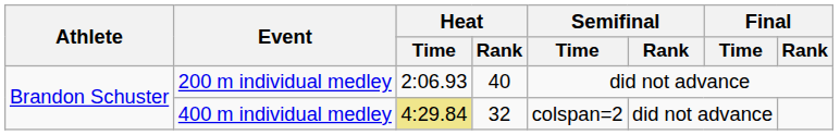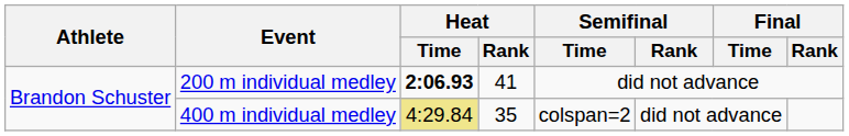 <table class="wikitable" style="text-align:center; font-size:90%">
 <tr>
 <th rowspan="2">Athlete</th>
 <th rowspan="2">Event</th>
 <th colspan="2">Heat</th>
 <th colspan="2">Semifinal</th>
 <th colspan="2">Final</th>
 </tr>
 <tr style="font-size:95%">
 <th>Time</th>
 <th>Rank</th>
 <th>Time</th>
 <th>Rank</th>
 <th>Time</th>
 <th>Rank</th>
 </tr>
 <tr>
 <td align=left rowspan=2><a href='#'>Brandon Schuster</a></td>
 <td align=left><a href='#'>200 m individual medley</a></td>
-<td>2:06.93</td>
-<td>40</td>
+<td><strong>2:06.93</strong></td>
+<td>41</td>
 <td colspan=4>did not advance</td>
 </tr>
 <tr>
 <td align=left><a href='#'>400 m individual medley</a></td>
 <td style="background: khaki;">4:29.84</td>
-<td>32</td>
+<td>35</td>
 <td>colspan=2 </td>
 <td colspan=2>did not advance</td>
 </tr>
 </table>
